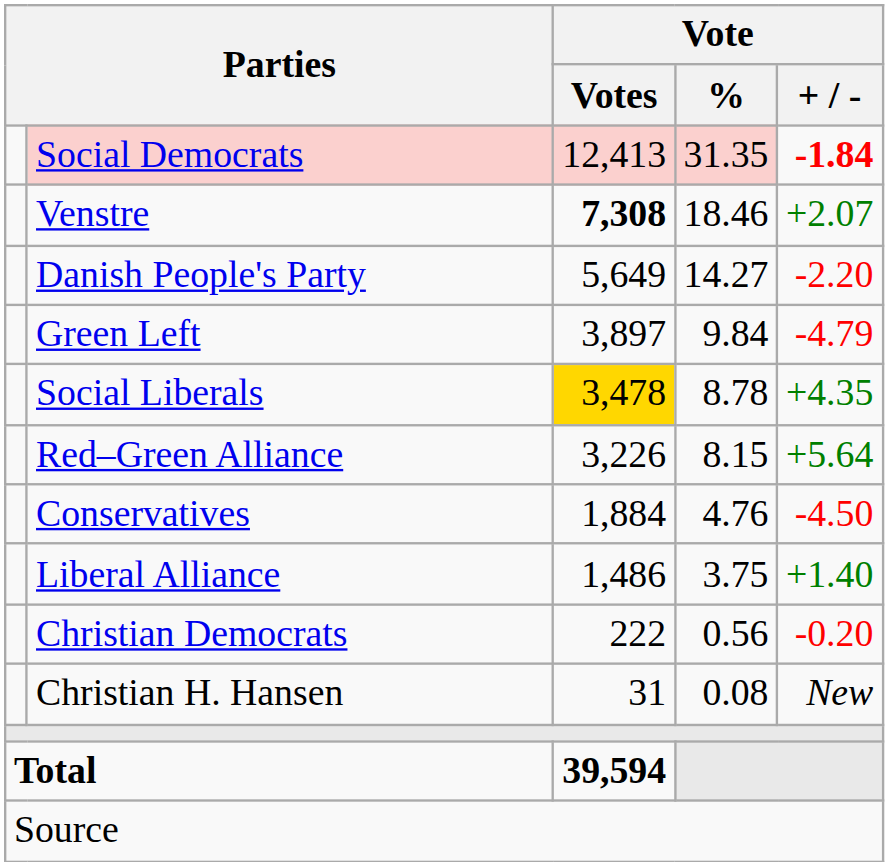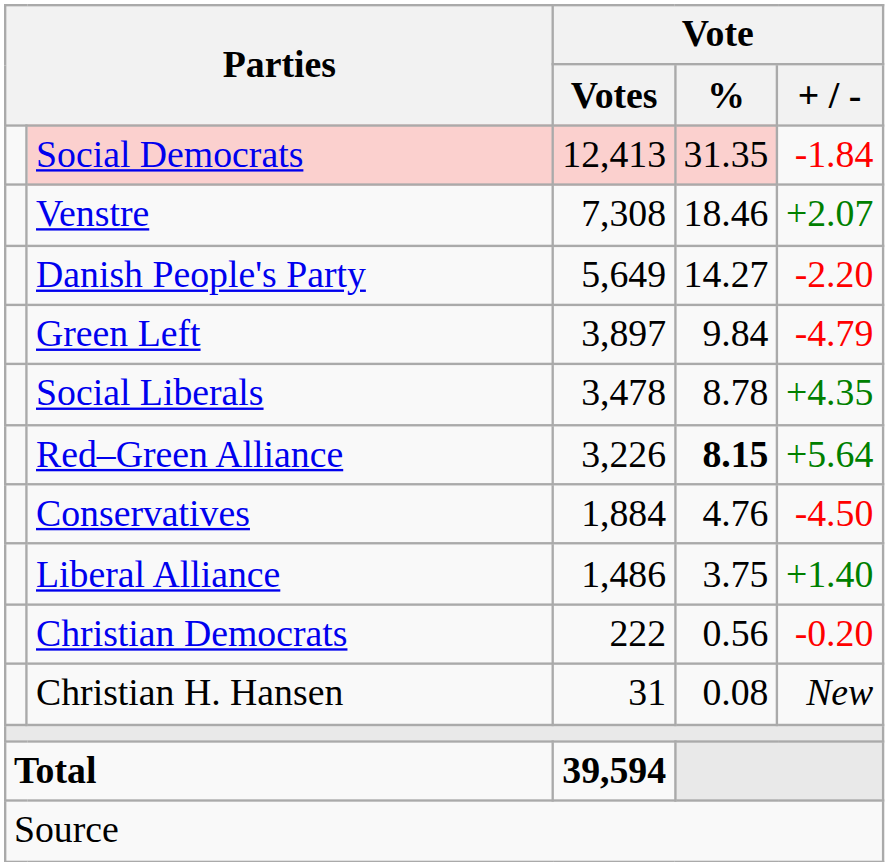 <table class="wikitable" style="text-align:right;">
 <tr>
 <th style="text-align:centre;" rowspan="2" colspan="2" width="225">Parties</th>
 <th colspan="3">Vote</th>
 </tr>
 <tr>
 <th width="15">Votes</th>
 <th width="15">%</th>
 <th width="15">+ / -</th>
 </tr>
 <tr>
 <td width="2" style="color:inherit;background:"></td>
 <td bgcolor=#fbd0ce  align="left"><a href='#'>Social Democrats</a></td>
 <td bgcolor=#fbd0ce>12,413</td>
 <td bgcolor=#fbd0ce>31.35</td>
-<td style=color:red;><strong>-1.84</strong></td>
+<td style=color:red;>-1.84</td>
 </tr>
 <tr>
 <td width="2" style="color:inherit;background:"></td>
 <td align="left"><a href='#'>Venstre</a></td>
-<td><strong>7,308</strong></td>
+<td>7,308</td>
 <td>18.46</td>
 <td style=color:green;>+2.07</td>
 </tr>
 <tr>
 <td width="2" style="color:inherit;background:"></td>
 <td align="left"><a href='#'>Danish People's Party</a></td>
 <td>5,649</td>
 <td>14.27</td>
 <td style=color:red;>-2.20</td>
 </tr>
 <tr>
 <td width="2" style="color:inherit;background:"></td>
 <td align="left"><a href='#'>Green Left</a></td>
 <td>3,897</td>
 <td>9.84</td>
 <td style=color:red;>-4.79</td>
 </tr>
 <tr>
 <td width="2" style="color:inherit;background:"></td>
 <td align="left"><a href='#'>Social Liberals</a></td>
-<td style="background: gold;">3,478</td>
+<td>3,478</td>
 <td>8.78</td>
 <td style=color:green;>+4.35</td>
 </tr>
 <tr>
 <td width="2" style="color:inherit;background:"></td>
 <td align="left"><a href='#'>Red–Green Alliance</a></td>
 <td>3,226</td>
-<td>8.15</td>
+<td><strong>8.15</strong></td>
 <td style=color:green;>+5.64</td>
 </tr>
 <tr>
 <td width="2" style="color:inherit;background:"></td>
 <td align="left"><a href='#'>Conservatives</a></td>
 <td>1,884</td>
 <td>4.76</td>
 <td style=color:red;>-4.50</td>
 </tr>
 <tr>
 <td width="2" style="color:inherit;background:"></td>
 <td align="left"><a href='#'>Liberal Alliance</a></td>
 <td>1,486</td>
 <td>3.75</td>
 <td style=color:green;>+1.40</td>
 </tr>
 <tr>
 <td width="2" style="color:inherit;background:"></td>
 <td align="left"><a href='#'>Christian Democrats</a></td>
 <td>222</td>
 <td>0.56</td>
 <td style=color:red;>-0.20</td>
 </tr>
 <tr>
 <td width="2" style="color:inherit;background:"></td>
 <td align="left">Christian H. Hansen</td>
 <td>31</td>
 <td>0.08</td>
 <td><em>New</em></td>
 </tr>
 <tr>
 <td colspan="7" bgcolor="#E9E9E9"></td>
 </tr>
 <tr>
 <td align="left" colspan="2"><strong>Total</strong></td>
 <td><strong>39,594</strong></td>
 <td bgcolor="#E9E9E9" colspan="2"></td>
 </tr>
 <tr>
 <td align="left" colspan="6">Source</td>
 </tr>
 </table>
